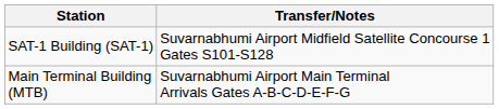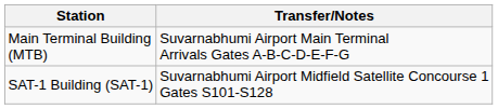 <table class="wikitable">
 <tr>
 <th> Station</th>
 <th>Transfer/Notes</th>
 </tr>
 <tr>
+<td>Main Terminal Building<br>(MTB)</td>
+<td> Suvarnabhumi Airport Main Terminal<br>Arrivals Gates A-B-C-D-E-F-G</td>
+</tr>
+<tr>
 <td>SAT-1 Building (SAT-1)</td>
 <td> Suvarnabhumi Airport Midfield Satellite Concourse 1<br>Gates S101-S128</td>
 </tr>
-<tr>
-<td>Main Terminal Building<br>(MTB)</td>
-<td> Suvarnabhumi Airport Main Terminal<br>Arrivals Gates A-B-C-D-E-F-G</td>
-</tr>
 </table>
